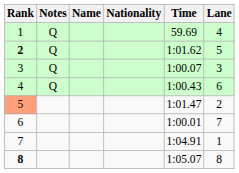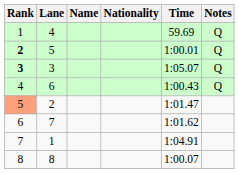 <table class="wikitable sortable" style="text-align:center">
 <tr>
 <th>Rank</th>
-<th>Notes</th>
+<th>Lane</th>
 <th>Name</th>
 <th>Nationality</th>
 <th>Time</th>
-<th>Lane</th>
+<th>Notes</th>
 </tr>
 <tr bgcolor="ccffcc">
 <td>1</td>
-<td>Q</td>
+<td>4</td>
 <td align="left"></td>
 <td align="left"></td>
 <td>59.69</td>
-<td>4</td>
+<td>Q</td>
 </tr>
 <tr bgcolor="ccffcc">
 <td><strong>2</strong></td>
+<td>5</td>
+<td align="left"></td>
+<td align="left"></td>
+<td>1:00.01</td>
 <td>Q</td>
+</tr>
+<tr bgcolor="ccffcc">
+<td><strong>3</strong></td>
+<td>3</td>
+<td align="left"></td>
+<td align="left"></td>
+<td>1:05.07</td>
+<td>Q</td>
+</tr>
+<tr bgcolor="ccffcc">
+<td>4</td>
+<td>6</td>
+<td align="left"></td>
+<td align="left"></td>
+<td>1:00.43</td>
+<td>Q</td>
+</tr>
+<tr>
+<td style="background: lightsalmon;">5</td>
+<td>2</td>
+<td align="left"></td>
+<td align="left"></td>
+<td>1:01.47</td>
+<td></td>
+</tr>
+<tr>
+<td>6</td>
+<td>7</td>
 <td align="left"></td>
 <td align="left"></td>
 <td>1:01.62</td>
-<td>5</td>
+<td></td>
 </tr>
-<tr bgcolor="ccffcc">
-<td>3</td>
-<td>Q</td>
+<tr>
+<td>7</td>
+<td>1</td>
+<td align="left"></td>
+<td align="left"></td>
+<td>1:04.91</td>
+<td></td>
+</tr>
+<tr>
+<td>8</td>
+<td>8</td>
 <td align="left"></td>
 <td align="left"></td>
 <td>1:00.07</td>
-<td>3</td>
-</tr>
-<tr bgcolor="ccffcc">
-<td>4</td>
-<td>Q</td>
-<td align="left"></td>
-<td align="left"></td>
-<td>1:00.43</td>
-<td>6</td>
-</tr>
-<tr>
-<td style="background: lightsalmon;">5</td>
 <td></td>
-<td align="left"></td>
-<td align="left"></td>
-<td>1:01.47</td>
-<td>2</td>
-</tr>
-<tr>
-<td>6</td>
-<td></td>
-<td align="left"></td>
-<td align="left"></td>
-<td>1:00.01</td>
-<td>7</td>
-</tr>
-<tr>
-<td>7</td>
-<td></td>
-<td align="left"></td>
-<td align="left"></td>
-<td>1:04.91</td>
-<td>1</td>
-</tr>
-<tr>
-<td><strong>8</strong></td>
-<td></td>
-<td align="left"></td>
-<td align="left"></td>
-<td>1:05.07</td>
-<td>8</td>
 </tr>
 </table>
